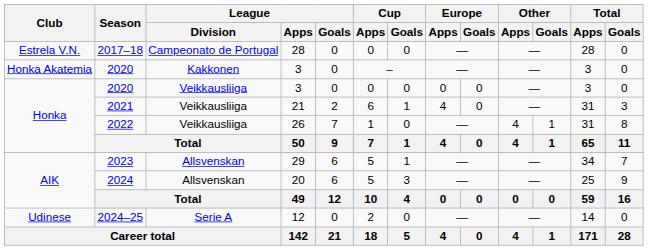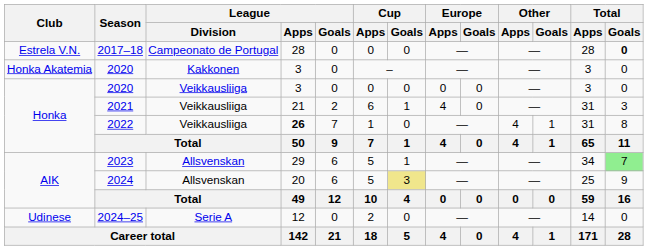 <table class="wikitable" style="text-align:center">
 <tr>
 <th rowspan="2">Club</th>
 <th rowspan="2">Season</th>
 <th colspan="3">League</th>
 <th colspan="2">Cup</th>
 <th colspan="2">Europe</th>
 <th colspan="2">Other</th>
 <th colspan="2">Total</th>
 </tr>
 <tr>
 <th>Division</th>
 <th>Apps</th>
 <th>Goals</th>
 <th>Apps</th>
 <th>Goals</th>
 <th>Apps</th>
 <th>Goals</th>
 <th>Apps</th>
 <th>Goals</th>
 <th>Apps</th>
 <th>Goals</th>
 </tr>
 <tr>
 <td><a href='#'>Estrela V.N.</a></td>
 <td><a href='#'>2017–18</a></td>
 <td><a href='#'>Campeonato de Portugal</a></td>
 <td>28</td>
 <td>0</td>
 <td>0</td>
 <td>0</td>
 <td colspan="2">—</td>
 <td colspan="2">—</td>
 <td>28</td>
-<td>0</td>
+<td><strong>0</strong></td>
 </tr>
 <tr>
 <td><a href='#'>Honka Akatemia</a></td>
 <td><a href='#'>2020</a></td>
 <td><a href='#'>Kakkonen</a></td>
 <td>3</td>
 <td>0</td>
 <td colspan="2">–</td>
 <td colspan="2">—</td>
 <td colspan="2">—</td>
 <td>3</td>
 <td>0</td>
 </tr>
 <tr>
 <td rowspan="4"><a href='#'>Honka</a></td>
 <td><a href='#'>2020</a></td>
 <td><a href='#'>Veikkausliiga</a></td>
 <td>3</td>
 <td>0</td>
 <td>0</td>
 <td>0</td>
 <td>0</td>
 <td>0</td>
 <td colspan="2">—</td>
 <td>3</td>
 <td>0</td>
 </tr>
 <tr>
 <td><a href='#'>2021</a></td>
 <td>Veikkausliiga</td>
 <td>21</td>
 <td>2</td>
 <td>6</td>
 <td>1</td>
 <td>4</td>
 <td>0</td>
 <td colspan="2">—</td>
 <td>31</td>
 <td>3</td>
 </tr>
 <tr>
 <td><a href='#'>2022</a></td>
 <td>Veikkausliiga</td>
-<td>26</td>
+<td><strong>26</strong></td>
 <td>7</td>
 <td>1</td>
 <td>0</td>
 <td colspan="2">—</td>
 <td>4</td>
 <td>1</td>
 <td>31</td>
 <td>8</td>
 </tr>
 <tr>
 <th colspan="2">Total</th>
 <th>50</th>
 <th>9</th>
 <th>7</th>
 <th>1</th>
 <th>4</th>
 <th>0</th>
 <th>4</th>
 <th>1</th>
 <th>65</th>
 <th>11</th>
 </tr>
 <tr>
 <td rowspan="3"><a href='#'>AIK</a></td>
 <td><a href='#'>2023</a></td>
 <td><a href='#'>Allsvenskan</a></td>
 <td>29</td>
 <td>6</td>
 <td>5</td>
 <td>1</td>
 <td colspan="2">—</td>
 <td colspan="2">—</td>
 <td>34</td>
-<td>7</td>
+<td style="background: lightgreen;">7</td>
 </tr>
 <tr>
 <td><a href='#'>2024</a></td>
 <td>Allsvenskan</td>
 <td>20</td>
 <td>6</td>
 <td>5</td>
-<td>3</td>
+<td style="background: khaki;">3</td>
 <td colspan="2">—</td>
 <td colspan="2">—</td>
 <td>25</td>
 <td>9</td>
 </tr>
 <tr>
 <th colspan="2">Total</th>
 <th>49</th>
 <th>12</th>
 <th>10</th>
 <th>4</th>
 <th>0</th>
 <th>0</th>
 <th>0</th>
 <th>0</th>
 <th>59</th>
 <th>16</th>
 </tr>
 <tr>
 <td><a href='#'>Udinese</a></td>
 <td><a href='#'>2024–25</a></td>
 <td><a href='#'>Serie A</a></td>
 <td>12</td>
 <td>0</td>
 <td>2</td>
 <td>0</td>
 <td colspan="2">—</td>
 <td colspan="2">—</td>
 <td>14</td>
 <td>0</td>
 </tr>
 <tr>
 <th colspan="3">Career total</th>
 <th>142</th>
 <th>21</th>
 <th>18</th>
 <th>5</th>
 <th>4</th>
 <th>0</th>
 <th>4</th>
 <th>1</th>
 <th>171</th>
 <th>28</th>
 </tr>
 </table>
